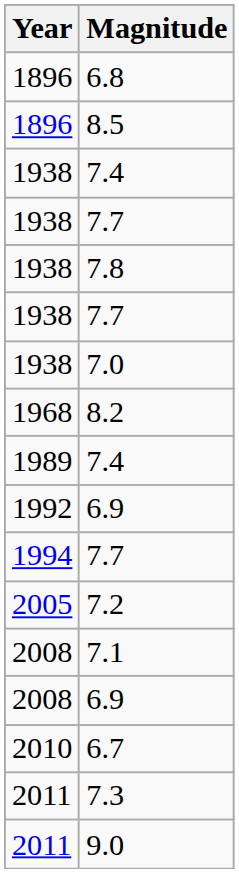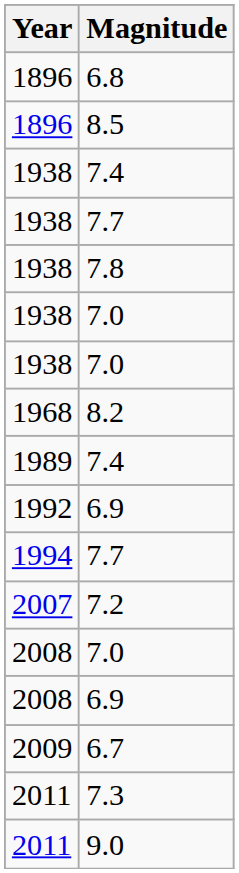 <table class="wikitable sortable">
 <tr>
 <th>Year</th>
 <th>Magnitude</th>
 </tr>
 <tr>
 <td>1896</td>
 <td>6.8</td>
 </tr>
 <tr>
 <td><a href='#'>1896</a></td>
 <td>8.5</td>
 </tr>
 <tr>
 <td>1938</td>
 <td>7.4</td>
 </tr>
 <tr>
 <td>1938</td>
 <td>7.7</td>
 </tr>
 <tr>
 <td>1938</td>
 <td>7.8</td>
 </tr>
 <tr>
 <td>1938</td>
-<td>7.7</td>
+<td>7.0</td>
 </tr>
 <tr>
 <td>1938</td>
 <td>7.0</td>
 </tr>
 <tr>
 <td>1968</td>
 <td>8.2</td>
 </tr>
 <tr>
 <td>1989</td>
 <td>7.4</td>
 </tr>
 <tr>
 <td>1992</td>
 <td>6.9</td>
 </tr>
 <tr>
 <td><a href='#'>1994</a></td>
 <td>7.7</td>
 </tr>
 <tr>
-<td><a href='#'>2005</a></td>
+<td><a href='#'>2007</a></td>
 <td>7.2</td>
 </tr>
 <tr>
 <td>2008</td>
-<td>7.1</td>
+<td>7.0</td>
 </tr>
 <tr>
 <td>2008</td>
 <td>6.9</td>
 </tr>
 <tr>
-<td>2010</td>
+<td>2009</td>
 <td>6.7</td>
 </tr>
 <tr>
 <td>2011</td>
 <td>7.3</td>
 </tr>
 <tr>
 <td><a href='#'>2011</a></td>
 <td>9.0</td>
 </tr>
 </table>
